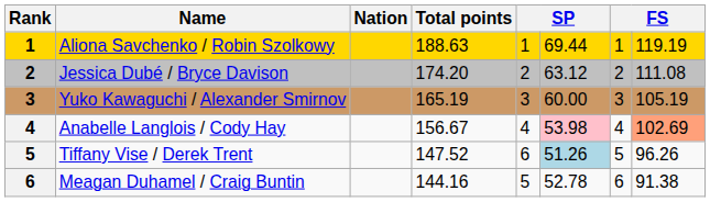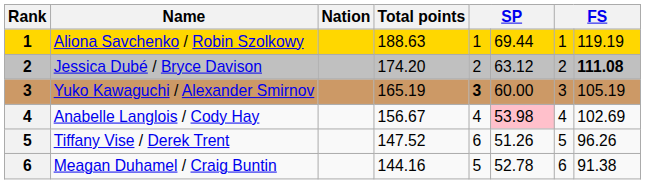 <table class="wikitable">
 <tr>
 <th>Rank</th>
 <th>Name</th>
 <th>Nation</th>
 <th>Total points</th>
 <th colspan="2" width="80px"><a href='#'>SP</a></th>
 <th colspan="2" width="80px"><a href='#'>FS</a></th>
 </tr>
 <tr bgcolor="gold">
 <td align="center"><strong>1</strong></td>
 <td><a href='#'>Aliona Savchenko</a> / <a href='#'>Robin Szolkowy</a></td>
 <td></td>
 <td>188.63</td>
 <td>1</td>
 <td>69.44</td>
 <td>1</td>
 <td>119.19</td>
 </tr>
 <tr bgcolor="silver">
 <td align="center"><strong>2</strong></td>
 <td><a href='#'>Jessica Dubé</a> / <a href='#'>Bryce Davison</a></td>
 <td></td>
 <td>174.20</td>
 <td>2</td>
 <td>63.12</td>
 <td>2</td>
-<td>111.08</td>
+<td><strong>111.08</strong></td>
 </tr>
 <tr bgcolor="cc9966">
 <td align="center"><strong>3</strong></td>
 <td><a href='#'>Yuko Kawaguchi</a> / <a href='#'>Alexander Smirnov</a></td>
 <td></td>
 <td>165.19</td>
-<td>3</td>
+<td><strong>3</strong></td>
 <td>60.00</td>
 <td>3</td>
 <td>105.19</td>
 </tr>
 <tr>
 <th>4</th>
 <td><a href='#'>Anabelle Langlois</a> / <a href='#'>Cody Hay</a></td>
 <td></td>
 <td>156.67</td>
 <td>4</td>
 <td style="background: pink;">53.98</td>
 <td>4</td>
-<td style="background: lightsalmon;">102.69</td>
+<td>102.69</td>
 </tr>
 <tr>
 <th>5</th>
 <td><a href='#'>Tiffany Vise</a> / <a href='#'>Derek Trent</a></td>
 <td></td>
 <td>147.52</td>
 <td>6</td>
-<td style="background: lightblue;">51.26</td>
+<td>51.26</td>
 <td>5</td>
 <td>96.26</td>
 </tr>
 <tr>
 <th>6</th>
 <td><a href='#'>Meagan Duhamel</a> / <a href='#'>Craig Buntin</a></td>
 <td></td>
 <td>144.16</td>
 <td>5</td>
 <td>52.78</td>
 <td>6</td>
 <td>91.38</td>
 </tr>
 </table>
